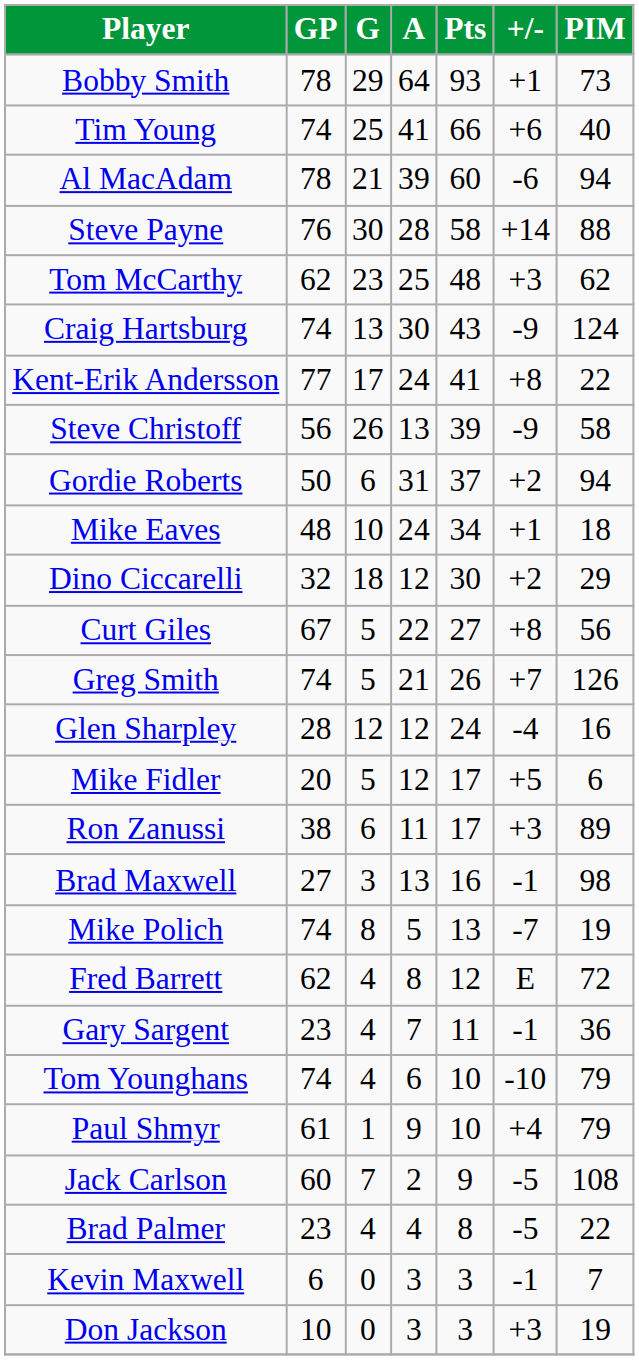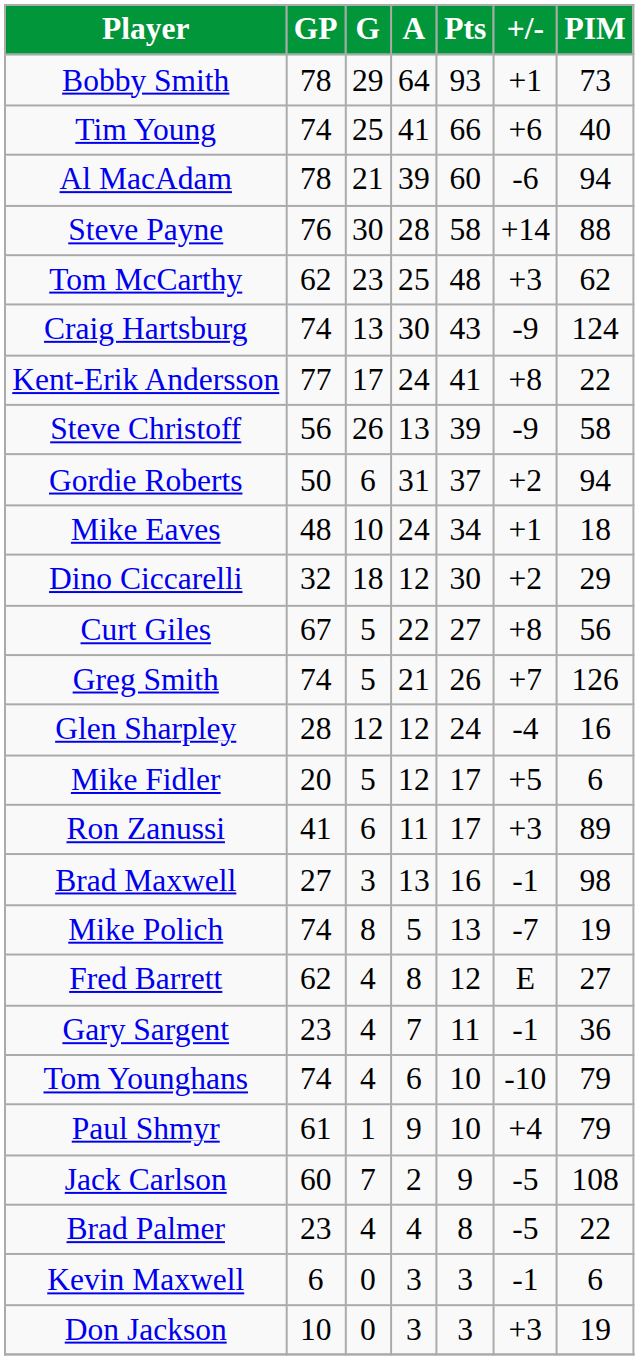 <table class="wikitable sortable">
 <tr>
 <th style="color:white; background:#009639; ">Player</th>
 <th style="color:white; background:#009639; ">GP</th>
 <th style="color:white; background:#009639; ">G</th>
 <th style="color:white; background:#009639; ">A</th>
 <th style="color:white; background:#009639; ">Pts</th>
 <th style="color:white; background:#009639; ">+/-</th>
 <th style="color:white; background:#009639; ">PIM</th>
 </tr>
 <tr align="center">
 <td><a href='#'>Bobby Smith</a></td>
 <td>78</td>
 <td>29</td>
 <td>64</td>
 <td>93</td>
 <td>+1</td>
 <td>73</td>
 </tr>
 <tr align="center">
 <td><a href='#'>Tim Young</a></td>
 <td>74</td>
 <td>25</td>
 <td>41</td>
 <td>66</td>
 <td>+6</td>
 <td>40</td>
 </tr>
 <tr align="center">
 <td><a href='#'>Al MacAdam</a></td>
 <td>78</td>
 <td>21</td>
 <td>39</td>
 <td>60</td>
 <td>-6</td>
 <td>94</td>
 </tr>
 <tr align="center">
 <td><a href='#'>Steve Payne</a></td>
 <td>76</td>
 <td>30</td>
 <td>28</td>
 <td>58</td>
 <td>+14</td>
 <td>88</td>
 </tr>
 <tr align="center">
 <td><a href='#'>Tom McCarthy</a></td>
 <td>62</td>
 <td>23</td>
 <td>25</td>
 <td>48</td>
 <td>+3</td>
 <td>62</td>
 </tr>
 <tr align="center">
 <td><a href='#'>Craig Hartsburg</a></td>
 <td>74</td>
 <td>13</td>
 <td>30</td>
 <td>43</td>
 <td>-9</td>
 <td>124</td>
 </tr>
 <tr align="center">
 <td><a href='#'>Kent-Erik Andersson</a></td>
 <td>77</td>
 <td>17</td>
 <td>24</td>
 <td>41</td>
 <td>+8</td>
 <td>22</td>
 </tr>
 <tr align="center">
 <td><a href='#'>Steve Christoff</a></td>
 <td>56</td>
 <td>26</td>
 <td>13</td>
 <td>39</td>
 <td>-9</td>
 <td>58</td>
 </tr>
 <tr align="center">
 <td><a href='#'>Gordie Roberts</a></td>
 <td>50</td>
 <td>6</td>
 <td>31</td>
 <td>37</td>
 <td>+2</td>
 <td>94</td>
 </tr>
 <tr align="center">
 <td><a href='#'>Mike Eaves</a></td>
 <td>48</td>
 <td>10</td>
 <td>24</td>
 <td>34</td>
 <td>+1</td>
 <td>18</td>
 </tr>
 <tr align="center">
 <td><a href='#'>Dino Ciccarelli</a></td>
 <td>32</td>
 <td>18</td>
 <td>12</td>
 <td>30</td>
 <td>+2</td>
 <td>29</td>
 </tr>
 <tr align="center">
 <td><a href='#'>Curt Giles</a></td>
 <td>67</td>
 <td>5</td>
 <td>22</td>
 <td>27</td>
 <td>+8</td>
 <td>56</td>
 </tr>
 <tr align="center">
 <td><a href='#'>Greg Smith</a></td>
 <td>74</td>
 <td>5</td>
 <td>21</td>
 <td>26</td>
 <td>+7</td>
 <td>126</td>
 </tr>
 <tr align="center">
 <td><a href='#'>Glen Sharpley</a></td>
 <td>28</td>
 <td>12</td>
 <td>12</td>
 <td>24</td>
 <td>-4</td>
 <td>16</td>
 </tr>
 <tr align="center">
 <td><a href='#'>Mike Fidler</a></td>
 <td>20</td>
 <td>5</td>
 <td>12</td>
 <td>17</td>
 <td>+5</td>
 <td>6</td>
 </tr>
 <tr align="center">
 <td><a href='#'>Ron Zanussi</a></td>
-<td>38</td>
+<td>41</td>
 <td>6</td>
 <td>11</td>
 <td>17</td>
 <td>+3</td>
 <td>89</td>
 </tr>
 <tr align="center">
 <td><a href='#'>Brad Maxwell</a></td>
 <td>27</td>
 <td>3</td>
 <td>13</td>
 <td>16</td>
 <td>-1</td>
 <td>98</td>
 </tr>
 <tr align="center">
 <td><a href='#'>Mike Polich</a></td>
 <td>74</td>
 <td>8</td>
 <td>5</td>
 <td>13</td>
 <td>-7</td>
 <td>19</td>
 </tr>
 <tr align="center">
 <td><a href='#'>Fred Barrett</a></td>
 <td>62</td>
 <td>4</td>
 <td>8</td>
 <td>12</td>
 <td>E</td>
-<td>72</td>
+<td>27</td>
 </tr>
 <tr align="center">
 <td><a href='#'>Gary Sargent</a></td>
 <td>23</td>
 <td>4</td>
 <td>7</td>
 <td>11</td>
 <td>-1</td>
 <td>36</td>
 </tr>
 <tr align="center">
 <td><a href='#'>Tom Younghans</a></td>
 <td>74</td>
 <td>4</td>
 <td>6</td>
 <td>10</td>
 <td>-10</td>
 <td>79</td>
 </tr>
 <tr align="center">
 <td><a href='#'>Paul Shmyr</a></td>
 <td>61</td>
 <td>1</td>
 <td>9</td>
 <td>10</td>
 <td>+4</td>
 <td>79</td>
 </tr>
 <tr align="center">
 <td><a href='#'>Jack Carlson</a></td>
 <td>60</td>
 <td>7</td>
 <td>2</td>
 <td>9</td>
 <td>-5</td>
 <td>108</td>
 </tr>
 <tr align="center">
 <td><a href='#'>Brad Palmer</a></td>
 <td>23</td>
 <td>4</td>
 <td>4</td>
 <td>8</td>
 <td>-5</td>
 <td>22</td>
 </tr>
 <tr align="center">
 <td><a href='#'>Kevin Maxwell</a></td>
 <td>6</td>
 <td>0</td>
 <td>3</td>
 <td>3</td>
 <td>-1</td>
-<td>7</td>
+<td>6</td>
 </tr>
 <tr align="center">
 <td><a href='#'>Don Jackson</a></td>
 <td>10</td>
 <td>0</td>
 <td>3</td>
 <td>3</td>
 <td>+3</td>
 <td>19</td>
 </tr>
 <tr align="center">
 </tr>
 </table>
